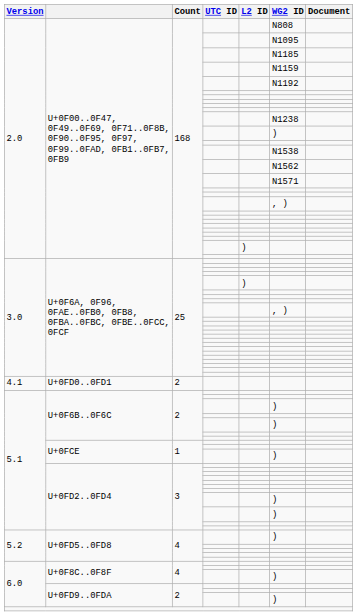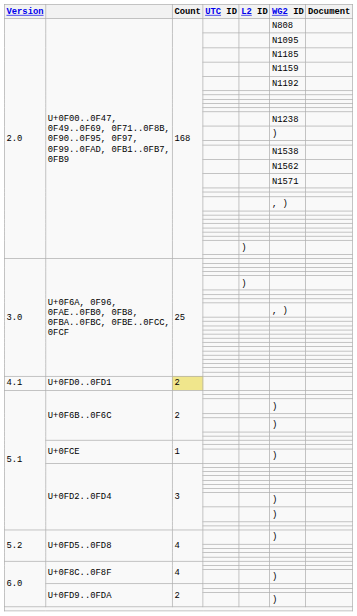 <table class="wikitable collapsible sticky-header">
 <tr>
 <th><a href='#'>Version</a></th>
 <th></th>
 <th>Count</th>
 <th><a href='#'>UTC</a> ID</th>
 <th><a href='#'>L2</a> ID</th>
 <th><a href='#'>WG2</a> ID</th>
 <th>Document</th>
 </tr>
 <tr>
 <td rowspan="28">2.0</td>
 <td rowspan="28" width="180">U+0F00..0F47, 0F49..0F69, 0F71..0F8B, 0F90..0F95, 0F97, 0F99..0FAD, 0FB1..0FB7, 0FB9</td>
 <td rowspan="28">168</td>
 <td></td>
 <td></td>
 <td>N808</td>
 <td></td>
 </tr>
 <tr>
 <td></td>
 <td></td>
 <td>N1095</td>
 <td></td>
 </tr>
 <tr>
 <td></td>
 <td></td>
 <td>N1185</td>
 <td></td>
 </tr>
 <tr>
 <td></td>
 <td></td>
 <td>N1159</td>
 <td></td>
 </tr>
 <tr>
 <td></td>
 <td></td>
 <td>N1192</td>
 <td></td>
 </tr>
 <tr>
 <td></td>
 <td></td>
 <td></td>
 <td></td>
 </tr>
 <tr>
 <td></td>
 <td></td>
 <td></td>
 <td></td>
 </tr>
 <tr>
 <td></td>
 <td></td>
 <td></td>
 <td></td>
 </tr>
 <tr>
 <td></td>
 <td></td>
 <td></td>
 <td></td>
 </tr>
 <tr>
 <td></td>
 <td></td>
 <td></td>
 <td></td>
 </tr>
 <tr>
 <td></td>
 <td></td>
 <td>N1238</td>
 <td></td>
 </tr>
 <tr>
 <td></td>
 <td></td>
 <td> )</td>
 <td></td>
 </tr>
 <tr>
 <td></td>
 <td></td>
 <td></td>
 <td></td>
 </tr>
 <tr>
 <td></td>
 <td></td>
 <td>N1538</td>
 <td></td>
 </tr>
 <tr>
 <td></td>
 <td></td>
 <td>N1562</td>
 <td></td>
 </tr>
 <tr>
 <td></td>
 <td></td>
 <td>N1571</td>
 <td></td>
 </tr>
 <tr>
 <td></td>
 <td></td>
 <td></td>
 <td></td>
 </tr>
 <tr>
 <td></td>
 <td></td>
 <td></td>
 <td></td>
 </tr>
 <tr>
 <td></td>
 <td></td>
 <td> , )</td>
 <td></td>
 </tr>
 <tr>
 <td></td>
 <td></td>
 <td></td>
 <td></td>
 </tr>
 <tr>
 <td></td>
 <td></td>
 <td></td>
 <td></td>
 </tr>
 <tr>
 <td></td>
 <td></td>
 <td></td>
 <td></td>
 </tr>
 <tr>
 <td></td>
 <td></td>
 <td></td>
 <td></td>
 </tr>
 <tr>
 <td></td>
 <td></td>
 <td></td>
 <td></td>
 </tr>
 <tr>
 <td></td>
 <td></td>
 <td></td>
 <td></td>
 </tr>
 <tr>
 <td></td>
 <td></td>
 <td></td>
 <td></td>
 </tr>
 <tr>
 <td></td>
 <td> )</td>
 <td></td>
 <td></td>
 </tr>
 <tr>
 <td></td>
 <td></td>
 <td></td>
 <td></td>
 </tr>
 <tr>
 <td rowspan="23">3.0</td>
 <td rowspan="23">U+0F6A, 0F96, 0FAE..0FB0, 0FB8, 0FBA..0FBC, 0FBE..0FCC, 0FCF</td>
 <td rowspan="23">25</td>
 <td></td>
 <td></td>
 <td></td>
 <td></td>
 </tr>
 <tr>
 <td></td>
 <td></td>
 <td></td>
 <td></td>
 </tr>
 <tr>
 <td></td>
 <td></td>
 <td></td>
 <td></td>
 </tr>
 <tr>
 <td></td>
 <td></td>
 <td></td>
 <td></td>
 </tr>
 <tr>
 <td></td>
 <td> )</td>
 <td></td>
 <td></td>
 </tr>
 <tr>
 <td></td>
 <td></td>
 <td></td>
 <td></td>
 </tr>
 <tr>
 <td></td>
 <td></td>
 <td></td>
 <td></td>
 </tr>
 <tr>
 <td></td>
 <td></td>
 <td></td>
 <td></td>
 </tr>
 <tr>
 <td></td>
 <td></td>
 <td> , )</td>
 <td></td>
 </tr>
 <tr>
 <td></td>
 <td></td>
 <td></td>
 <td></td>
 </tr>
 <tr>
 <td></td>
 <td></td>
 <td></td>
 <td></td>
 </tr>
 <tr>
 <td></td>
 <td></td>
 <td></td>
 <td></td>
 </tr>
 <tr>
 <td></td>
 <td></td>
 <td></td>
 <td></td>
 </tr>
 <tr>
 <td></td>
 <td></td>
 <td></td>
 <td></td>
 </tr>
 <tr>
 <td></td>
 <td></td>
 <td></td>
 <td></td>
 </tr>
 <tr>
 <td></td>
 <td></td>
 <td></td>
 <td></td>
 </tr>
 <tr>
 <td></td>
 <td></td>
 <td></td>
 <td></td>
 </tr>
 <tr>
 <td></td>
 <td></td>
 <td></td>
 <td></td>
 </tr>
 <tr>
 <td></td>
 <td></td>
 <td></td>
 <td></td>
 </tr>
 <tr>
 <td></td>
 <td></td>
 <td></td>
 <td></td>
 </tr>
 <tr>
 <td></td>
 <td></td>
 <td></td>
 <td></td>
 </tr>
 <tr>
 <td></td>
 <td></td>
 <td></td>
 <td></td>
 </tr>
 <tr>
 <td></td>
 <td></td>
 <td></td>
 <td></td>
 </tr>
 <tr>
 <td>4.1</td>
 <td>U+0FD0..0FD1</td>
-<td>2</td>
+<td style="background: khaki;">2</td>
 <td></td>
 <td></td>
 <td></td>
 <td></td>
 </tr>
 <tr>
 <td rowspan="21">5.1</td>
 <td rowspan="7">U+0F6B..0F6C</td>
 <td rowspan="7">2</td>
 <td></td>
 <td></td>
 <td></td>
 <td></td>
 </tr>
 <tr>
 <td></td>
 <td></td>
 <td></td>
 <td></td>
 </tr>
 <tr>
 <td></td>
 <td></td>
 <td> )</td>
 <td></td>
 </tr>
 <tr>
 <td></td>
 <td></td>
 <td></td>
 <td></td>
 </tr>
 <tr>
 <td></td>
 <td></td>
 <td> )</td>
 <td></td>
 </tr>
 <tr>
 <td></td>
 <td></td>
 <td></td>
 <td></td>
 </tr>
 <tr>
 <td></td>
 <td></td>
 <td></td>
 <td></td>
 </tr>
 <tr>
 <td rowspan="3">U+0FCE</td>
 <td rowspan="3">1</td>
 <td></td>
 <td></td>
 <td></td>
 <td></td>
 </tr>
 <tr>
 <td></td>
 <td></td>
 <td></td>
 <td></td>
 </tr>
 <tr>
 <td></td>
 <td></td>
 <td> )</td>
 <td></td>
 </tr>
 <tr>
 <td rowspan="11">U+0FD2..0FD4</td>
 <td rowspan="11">3</td>
 <td></td>
 <td></td>
 <td></td>
 <td></td>
 </tr>
 <tr>
 <td></td>
 <td></td>
 <td></td>
 <td></td>
 </tr>
 <tr>
 <td></td>
 <td></td>
 <td></td>
 <td></td>
 </tr>
 <tr>
 <td></td>
 <td></td>
 <td></td>
 <td></td>
 </tr>
 <tr>
 <td></td>
 <td></td>
 <td></td>
 <td></td>
 </tr>
 <tr>
 <td></td>
 <td></td>
 <td></td>
 <td></td>
 </tr>
 <tr>
 <td></td>
 <td></td>
 <td></td>
 <td></td>
 </tr>
 <tr>
 <td></td>
 <td></td>
 <td> )</td>
 <td></td>
 </tr>
 <tr>
 <td></td>
 <td></td>
 <td> )</td>
 <td></td>
 </tr>
 <tr>
 <td></td>
 <td></td>
 <td></td>
 <td></td>
 </tr>
 <tr>
 <td></td>
 <td></td>
 <td></td>
 <td></td>
 </tr>
 <tr>
 <td rowspan="5">5.2</td>
 <td rowspan="5">U+0FD5..0FD8</td>
 <td rowspan="5">4</td>
 <td></td>
 <td></td>
 <td> )</td>
 <td></td>
 </tr>
 <tr>
 <td></td>
 <td></td>
 <td></td>
 <td></td>
 </tr>
 <tr>
 <td></td>
 <td></td>
 <td></td>
 <td></td>
 </tr>
 <tr>
 <td></td>
 <td></td>
 <td></td>
 <td></td>
 </tr>
 <tr>
 <td></td>
 <td></td>
 <td></td>
 <td></td>
 </tr>
 <tr>
 <td rowspan="6">6.0</td>
 <td rowspan="3">U+0F8C..0F8F</td>
 <td rowspan="3">4</td>
 <td></td>
 <td></td>
 <td></td>
 <td></td>
 </tr>
 <tr>
 <td></td>
 <td></td>
 <td></td>
 <td></td>
 </tr>
 <tr>
 <td></td>
 <td></td>
 <td> )</td>
 <td></td>
 </tr>
 <tr>
 <td rowspan="3">U+0FD9..0FDA</td>
 <td rowspan="3">2</td>
 <td></td>
 <td></td>
 <td></td>
 <td></td>
 </tr>
 <tr>
 <td></td>
 <td></td>
 <td></td>
 <td></td>
 </tr>
 <tr>
 <td></td>
 <td></td>
 <td> )</td>
 <td></td>
 </tr>
 <tr class="sortbottom">
 <td colspan="7"></td>
 </tr>
 </table>
